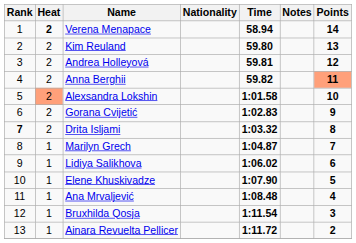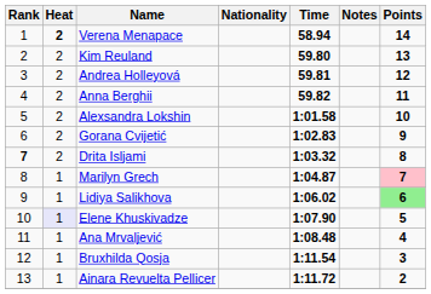 <table class="wikitable sortable" style="text-align:center">
 <tr>
 <th>Rank</th>
 <th>Heat</th>
 <th>Name</th>
 <th>Nationality</th>
 <th>Time</th>
 <th>Notes</th>
 <th>Points</th>
 </tr>
 <tr>
 <td>1</td>
 <td><strong>2</strong></td>
 <td align=left><a href='#'>Verena Menapace</a></td>
 <td align=left></td>
 <td><strong>58.94</strong></td>
 <td></td>
 <td><strong>14</strong></td>
 </tr>
 <tr>
 <td>2</td>
 <td>2</td>
 <td align=left><a href='#'>Kim Reuland</a></td>
 <td align=left></td>
 <td><strong>59.80</strong></td>
 <td></td>
 <td><strong>13</strong></td>
 </tr>
 <tr>
 <td>3</td>
 <td>2</td>
 <td align=left><a href='#'>Andrea Holleyová</a></td>
 <td align=left></td>
 <td><strong>59.81</strong></td>
 <td></td>
 <td><strong>12</strong></td>
 </tr>
 <tr>
 <td>4</td>
 <td>2</td>
 <td align=left><a href='#'>Anna Berghii</a></td>
 <td align=left></td>
 <td><strong>59.82</strong></td>
 <td></td>
-<td style="background: lightsalmon;"><strong>11</strong></td>
+<td><strong>11</strong></td>
 </tr>
 <tr>
 <td>5</td>
-<td style="background: lightsalmon;">2</td>
+<td>2</td>
 <td align=left><a href='#'>Alexsandra Lokshin</a></td>
 <td align=left></td>
 <td><strong>1:01.58</strong></td>
 <td></td>
 <td><strong>10</strong></td>
 </tr>
 <tr>
 <td>6</td>
 <td>2</td>
 <td align=left><a href='#'>Gorana Cvijetić</a></td>
 <td align=left></td>
 <td><strong>1:02.83</strong></td>
 <td></td>
 <td><strong>9</strong></td>
 </tr>
 <tr>
 <td><strong>7</strong></td>
 <td>2</td>
 <td align=left><a href='#'>Drita Isljami</a></td>
 <td align=left></td>
 <td><strong>1:03.32</strong></td>
 <td></td>
 <td><strong>8</strong></td>
 </tr>
 <tr>
 <td>8</td>
 <td>1</td>
 <td align=left><a href='#'>Marilyn Grech</a></td>
 <td align=left></td>
 <td><strong>1:04.87</strong></td>
 <td></td>
-<td><strong>7</strong></td>
+<td style="background: pink;"><strong>7</strong></td>
 </tr>
 <tr>
 <td>9</td>
 <td>1</td>
 <td align=left><a href='#'>Lidiya Salikhova</a></td>
 <td align=left></td>
 <td><strong>1:06.02</strong></td>
 <td></td>
-<td><strong>6</strong></td>
+<td style="background: lightgreen;"><strong>6</strong></td>
 </tr>
 <tr>
 <td>10</td>
-<td>1</td>
+<td style="background: lavender;">1</td>
 <td align=left><a href='#'>Elene Khuskivadze</a></td>
 <td align=left></td>
 <td><strong>1:07.90</strong></td>
 <td></td>
 <td><strong>5</strong></td>
 </tr>
 <tr>
 <td>11</td>
 <td>1</td>
 <td align=left><a href='#'>Ana Mrvaljević</a></td>
 <td align=left></td>
 <td><strong>1:08.48 </strong></td>
 <td></td>
 <td><strong>4</strong></td>
 </tr>
 <tr>
 <td>12</td>
 <td>1</td>
 <td align=left><a href='#'>Bruxhilda Qosja</a></td>
 <td align=left></td>
 <td><strong>1:11.54 </strong></td>
 <td></td>
 <td><strong>3</strong></td>
 </tr>
 <tr>
 <td>13</td>
 <td>1</td>
 <td align=left><a href='#'>Ainara Revuelta Pellicer</a></td>
 <td align=left></td>
 <td><strong>1:11.72 </strong></td>
 <td></td>
 <td><strong>2</strong></td>
 </tr>
 <tr>
 </tr>
 </table>
